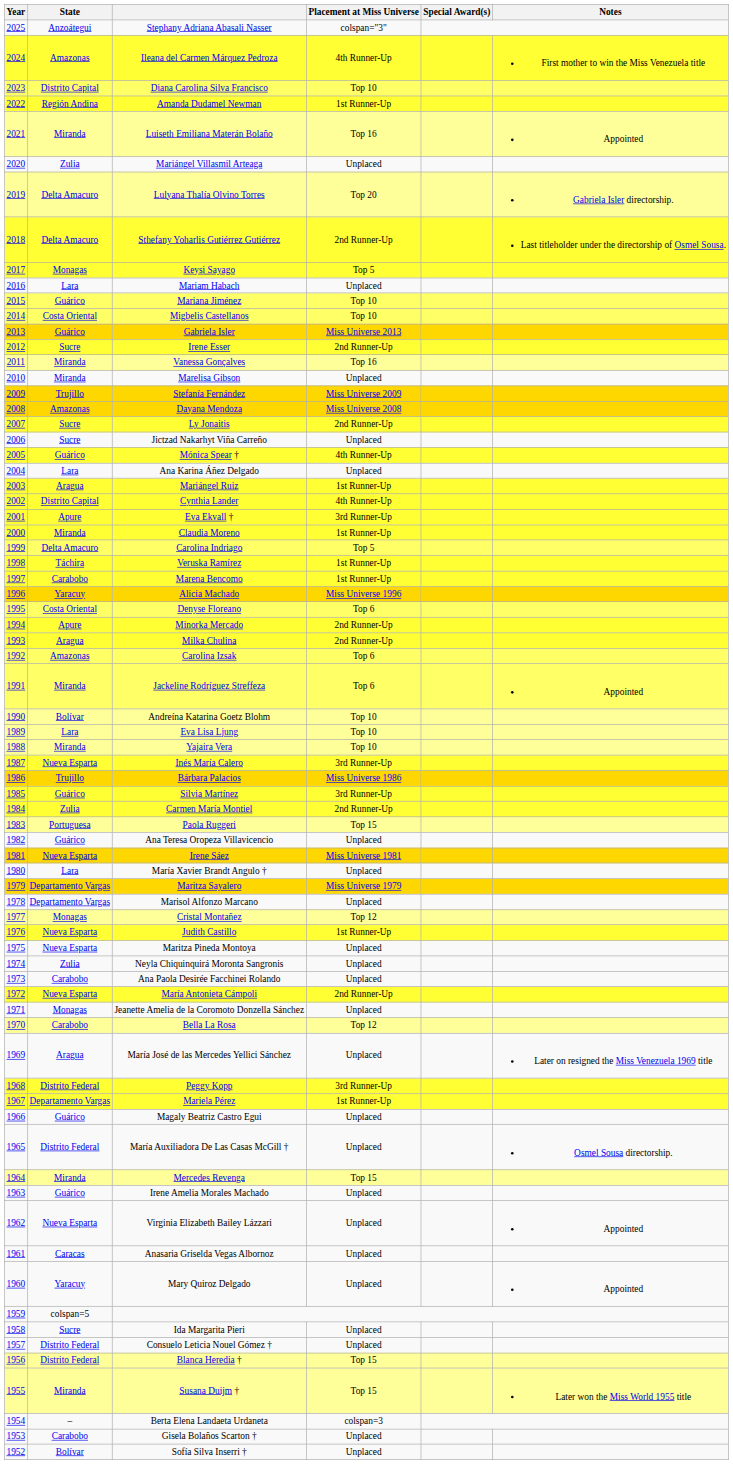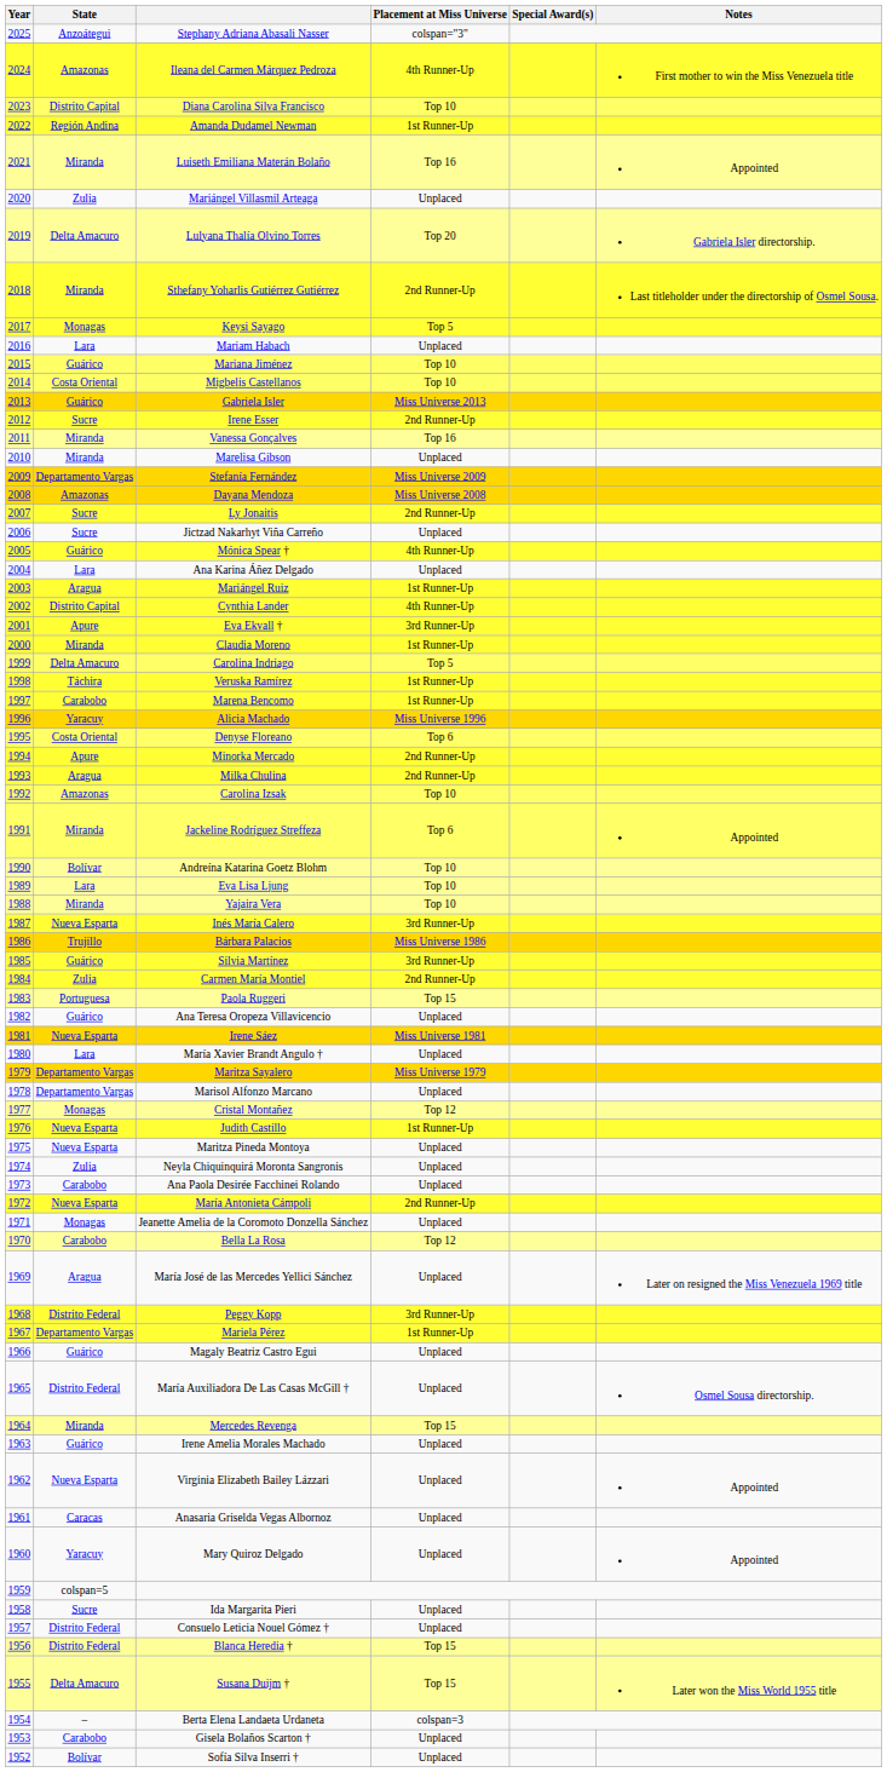 <table class="wikitable " style="font-size: 90%; text-align:center;">
 <tr>
 <th>Year</th>
 <th>State</th>
 <th></th>
 <th>Placement at Miss Universe</th>
 <th>Special Award(s)</th>
 <th>Notes</th>
 </tr>
 <tr>
 <td><a href='#'>2025</a></td>
 <td><a href='#'>Anzoátegui</a></td>
 <td><a href='#'>Stephany Adriana Abasali Nasser</a></td>
 <td>colspan="3" </td>
 </tr>
 <tr style="background-color:#FFFF33;">
 <td><a href='#'>2024</a></td>
 <td><a href='#'>Amazonas</a></td>
 <td><a href='#'>Ileana del Carmen Márquez Pedroza</a></td>
 <td>4th Runner-Up</td>
 <td></td>
 <td><br><ul><li>First mother to win the Miss Venezuela title</li></ul></td>
 </tr>
 <tr style="background-color:#FFFF66;">
 <td><a href='#'>2023</a></td>
 <td><a href='#'>Distrito Capital</a></td>
 <td><a href='#'>Diana Carolina Silva Francisco</a></td>
 <td>Top 10</td>
 <td></td>
 <td></td>
 </tr>
 <tr style="background-color:#FFFF33;">
 <td><a href='#'>2022</a></td>
 <td><a href='#'>Región Andina</a></td>
 <td><a href='#'>Amanda Dudamel Newman</a></td>
 <td>1st Runner-Up</td>
 <td></td>
 <td></td>
 </tr>
 <tr style="background-color:#FFFF99;">
 <td><a href='#'>2021</a></td>
 <td><a href='#'>Miranda</a></td>
 <td><a href='#'>Luiseth Emiliana Materán Bolaño</a></td>
 <td>Top 16</td>
 <td></td>
 <td><br><ul><li>Appointed</li></ul></td>
 </tr>
 <tr>
 <td><a href='#'>2020</a></td>
 <td><a href='#'>Zulia</a></td>
 <td><a href='#'>Mariángel Villasmil Arteaga</a></td>
 <td>Unplaced</td>
 <td></td>
 <td></td>
 </tr>
 <tr style="background-color:#FFFF99;">
 <td><a href='#'>2019</a></td>
 <td><a href='#'>Delta Amacuro</a></td>
 <td><a href='#'>Lulyana Thalía Olvino Torres</a></td>
 <td>Top 20</td>
 <td></td>
 <td><br><ul><li><a href='#'>Gabriela Isler</a> directorship.</li></ul></td>
 </tr>
 <tr style="background-color:#FFFF33;">
 <td><a href='#'>2018</a></td>
-<td><a href='#'>Delta Amacuro</a></td>
+<td><a href='#'>Miranda</a></td>
 <td><a href='#'>Sthefany Yoharlis Gutiérrez Gutiérrez</a></td>
 <td>2nd Runner-Up</td>
 <td></td>
 <td><br><ul><li>Last titleholder under the directorship of <a href='#'>Osmel Sousa</a>.</li></ul></td>
 </tr>
 <tr style="background-color:#FFFF33;">
 <td><a href='#'>2017</a></td>
 <td><a href='#'>Monagas</a></td>
 <td><a href='#'>Keysi Sayago</a></td>
 <td>Top 5</td>
 <td></td>
 <td></td>
 </tr>
 <tr>
 <td><a href='#'>2016</a></td>
 <td><a href='#'>Lara</a></td>
 <td><a href='#'>Mariam Habach</a></td>
 <td>Unplaced</td>
 <td style="background:;"></td>
 <td></td>
 </tr>
 <tr style="background-color:#FFFF66;">
 <td><a href='#'>2015</a></td>
 <td><a href='#'>Guárico</a></td>
 <td><a href='#'>Mariana Jiménez</a></td>
 <td>Top 10</td>
 <td></td>
 <td></td>
 </tr>
 <tr style="background-color:#FFFF66;">
 <td><a href='#'>2014</a></td>
 <td><a href='#'>Costa Oriental</a></td>
 <td><a href='#'>Migbelis Castellanos</a></td>
 <td>Top 10</td>
 <td></td>
 <td></td>
 </tr>
 <tr style="background-color:gold;">
 <td><a href='#'>2013</a></td>
 <td><a href='#'>Guárico</a></td>
 <td><a href='#'>Gabriela Isler</a></td>
 <td><a href='#'>Miss Universe 2013</a></td>
 <td></td>
 <td></td>
 </tr>
 <tr style="background-color:#FFFF33;">
 <td><a href='#'>2012</a></td>
 <td><a href='#'>Sucre</a></td>
 <td><a href='#'>Irene Esser</a></td>
 <td>2nd Runner-Up</td>
 <td></td>
 <td></td>
 </tr>
 <tr style="background-color:#FFFF99;">
 <td><a href='#'>2011</a></td>
 <td><a href='#'>Miranda</a></td>
 <td><a href='#'>Vanessa Gonçalves</a></td>
 <td>Top 16</td>
 <td style="background:;"></td>
 <td></td>
 </tr>
 <tr>
 <td><a href='#'>2010</a></td>
 <td><a href='#'>Miranda</a></td>
 <td><a href='#'>Marelisa Gibson</a></td>
 <td>Unplaced</td>
 <td></td>
 <td></td>
 </tr>
 <tr style="background-color:gold; ">
 <td><a href='#'>2009</a></td>
-<td><a href='#'>Trujillo</a></td>
+<td><a href='#'>Departamento Vargas</a></td>
 <td><a href='#'>Stefanía Fernández</a></td>
 <td><a href='#'>Miss Universe 2009</a></td>
 <td></td>
 <td></td>
 </tr>
 <tr style="background-color:gold; ">
 <td><a href='#'>2008</a></td>
 <td><a href='#'>Amazonas</a></td>
 <td><a href='#'>Dayana Mendoza</a></td>
 <td><a href='#'>Miss Universe 2008</a></td>
 <td style="background:;"></td>
 <td></td>
 </tr>
 <tr style="background-color:#FFFF33;">
 <td><a href='#'>2007</a></td>
 <td><a href='#'>Sucre</a></td>
 <td><a href='#'>Ly Jonaitis</a></td>
 <td>2nd Runner-Up</td>
 <td></td>
 <td></td>
 </tr>
 <tr>
 <td><a href='#'>2006</a></td>
 <td><a href='#'>Sucre</a></td>
 <td>Jictzad Nakarhyt Viña Carreño</td>
 <td>Unplaced</td>
 <td></td>
 <td></td>
 </tr>
 <tr style="background-color:#FFFF33;">
 <td><a href='#'>2005</a></td>
 <td><a href='#'>Guárico</a></td>
 <td><a href='#'>Mónica Spear</a> †</td>
 <td>4th Runner-Up</td>
 <td></td>
 <td></td>
 </tr>
 <tr>
 <td><a href='#'>2004</a></td>
 <td><a href='#'>Lara</a></td>
 <td>Ana Karina Áñez Delgado</td>
 <td>Unplaced</td>
 <td style="background:;"></td>
 </tr>
 <tr style="background-color:#FFFF33;">
 <td><a href='#'>2003</a></td>
 <td><a href='#'>Aragua</a></td>
 <td><a href='#'>Mariángel Ruiz</a></td>
 <td>1st Runner-Up</td>
 <td></td>
 <td></td>
 </tr>
 <tr style="background-color:#FFFF33;">
 <td><a href='#'>2002</a></td>
 <td><a href='#'>Distrito Capital</a></td>
 <td><a href='#'>Cynthia Lander</a></td>
 <td>4th Runner-Up</td>
 <td></td>
 <td></td>
 </tr>
 <tr style="background-color:#FFFF33;">
 <td><a href='#'>2001</a></td>
 <td><a href='#'>Apure</a></td>
 <td><a href='#'>Eva Ekvall</a> †</td>
 <td>3rd Runner-Up</td>
 <td></td>
 <td></td>
 </tr>
 <tr style="background-color:#FFFF33;">
 <td><a href='#'>2000</a></td>
 <td><a href='#'>Miranda</a></td>
 <td><a href='#'>Claudia Moreno</a></td>
 <td>1st Runner-Up</td>
 <td></td>
 <td style="background:;"></td>
 </tr>
 <tr style="background-color:#FFFF66;">
 <td><a href='#'>1999</a></td>
 <td><a href='#'>Delta Amacuro</a></td>
 <td><a href='#'>Carolina Indriago</a></td>
 <td>Top 5 </td>
 <td style="background:;"></td>
 <td></td>
 </tr>
 <tr style="background-color:#FFFF33;">
 <td><a href='#'>1998</a></td>
 <td><a href='#'>Táchira</a></td>
 <td><a href='#'>Veruska Ramírez</a></td>
 <td>1st Runner-Up</td>
 <td style="background:;"></td>
 <td></td>
 </tr>
 <tr style="background-color:#FFFF33;">
 <td><a href='#'>1997</a></td>
 <td><a href='#'>Carabobo</a></td>
 <td><a href='#'>Marena Bencomo</a></td>
 <td>1st Runner-Up</td>
 <td style="background:;"></td>
 <td></td>
 </tr>
 <tr style="background-color:gold; ">
 <td><a href='#'>1996</a></td>
 <td><a href='#'>Yaracuy</a></td>
 <td><a href='#'>Alicia Machado</a></td>
 <td><a href='#'>Miss Universe 1996</a></td>
 <td style="background:;"></td>
 <td></td>
 </tr>
 <tr style="background-color:#FFFF66; ">
 <td><a href='#'>1995</a></td>
 <td><a href='#'>Costa Oriental</a></td>
 <td><a href='#'>Denyse Floreano</a></td>
 <td>Top 6 </td>
 <td></td>
 <td></td>
 </tr>
 <tr style="background-color:#FFFF33; ">
 <td><a href='#'>1994</a></td>
 <td><a href='#'>Apure</a></td>
 <td><a href='#'>Minorka Mercado</a></td>
 <td>2nd Runner-Up</td>
 <td style="background:;"></td>
 <td></td>
 </tr>
 <tr style="background-color:#FFFF33; ">
 <td><a href='#'>1993</a></td>
 <td><a href='#'>Aragua</a></td>
 <td><a href='#'>Milka Chulina</a></td>
 <td>2nd Runner-Up</td>
 <td style="background:;"></td>
 <td></td>
 </tr>
 <tr style="background-color:#FFFF66; ">
 <td><a href='#'>1992</a></td>
 <td><a href='#'>Amazonas</a></td>
 <td><a href='#'>Carolina Izsak</a></td>
-<td>Top 6 </td>
+<td>Top 10</td>
 <td></td>
 <td></td>
 </tr>
 <tr style="background-color:#FFFF66; ">
 <td><a href='#'>1991</a></td>
 <td><a href='#'>Miranda</a></td>
 <td><a href='#'>Jackeline Rodríguez Streffeza</a></td>
 <td>Top 6</td>
 <td></td>
 <td><br><ul><li>Appointed</li></ul></td>
 </tr>
 <tr style="background-color:#FFFF99; ">
 <td><a href='#'>1990</a></td>
 <td><a href='#'>Bolívar</a></td>
 <td>Andreína Katarina Goetz Blohm</td>
 <td>Top 10</td>
 <td></td>
 <td></td>
 </tr>
 <tr style="background-color:#FFFF99; ">
 <td><a href='#'>1989</a></td>
 <td><a href='#'>Lara</a></td>
 <td><a href='#'>Eva Lisa Ljung</a></td>
 <td>Top 10</td>
 <td></td>
 <td></td>
 </tr>
 <tr style="background-color:#FFFF99; ">
 <td><a href='#'>1988</a></td>
 <td><a href='#'>Miranda</a></td>
 <td><a href='#'>Yajaira Vera</a></td>
 <td>Top 10</td>
 <td></td>
 <td></td>
 </tr>
 <tr style="background-color:#FFFF33; ">
 <td><a href='#'>1987</a></td>
 <td><a href='#'>Nueva Esparta</a></td>
 <td><a href='#'>Inés María Calero</a></td>
 <td>3rd Runner-Up</td>
 <td></td>
 <td></td>
 </tr>
 <tr style="background-color:gold; ">
 <td><a href='#'>1986</a></td>
 <td><a href='#'>Trujillo</a></td>
 <td><a href='#'>Bárbara Palacios</a></td>
 <td><a href='#'>Miss Universe 1986</a></td>
 <td></td>
 <td></td>
 </tr>
 <tr style="background-color:#FFFF33; ">
 <td><a href='#'>1985</a></td>
 <td><a href='#'>Guárico</a></td>
 <td><a href='#'>Silvia Martínez</a></td>
 <td>3rd Runner-Up</td>
 <td></td>
 <td></td>
 </tr>
 <tr style="background-color:#FFFF33; ">
 <td><a href='#'>1984</a></td>
 <td><a href='#'>Zulia</a></td>
 <td><a href='#'>Carmen María Montiel</a></td>
 <td>2nd Runner-Up</td>
 <td></td>
 <td></td>
 </tr>
 <tr style="background-color:#FFFF99; ">
 <td><a href='#'>1983</a></td>
 <td><a href='#'>Portuguesa</a></td>
 <td><a href='#'>Paola Ruggeri</a></td>
 <td>Top 15</td>
 <td></td>
 <td></td>
 </tr>
 <tr>
 <td><a href='#'>1982</a></td>
 <td><a href='#'>Guárico</a></td>
 <td>Ana Teresa Oropeza Villavicencio</td>
 <td>Unplaced</td>
 <td></td>
 <td></td>
 </tr>
 <tr style="background-color:gold; ">
 <td><a href='#'>1981</a></td>
 <td><a href='#'>Nueva Esparta</a></td>
 <td><a href='#'>Irene Sáez</a></td>
 <td><a href='#'>Miss Universe 1981</a></td>
 <td style="background:;"></td>
 <td></td>
 </tr>
 <tr>
 <td><a href='#'>1980</a></td>
 <td><a href='#'>Lara</a></td>
 <td>María Xavier Brandt Angulo †</td>
 <td>Unplaced</td>
 <td></td>
 <td></td>
 </tr>
 <tr style="background-color:gold; ">
 <td><a href='#'>1979</a></td>
 <td><a href='#'>Departamento Vargas</a></td>
 <td><a href='#'>Maritza Sayalero</a></td>
 <td><a href='#'>Miss Universe 1979</a></td>
 <td></td>
 <td></td>
 </tr>
 <tr>
 <td><a href='#'>1978</a></td>
 <td><a href='#'>Departamento Vargas</a></td>
 <td>Marisol Alfonzo Marcano</td>
 <td>Unplaced</td>
 <td></td>
 <td></td>
 </tr>
 <tr style="background-color:#FFFF99; ">
 <td><a href='#'>1977</a></td>
 <td><a href='#'>Monagas</a></td>
 <td><a href='#'>Cristal Montañez</a></td>
 <td>Top 12</td>
 <td style="background:;"></td>
 <td></td>
 </tr>
 <tr style="background-color:#FFFF33; ">
 <td><a href='#'>1976</a></td>
 <td><a href='#'>Nueva Esparta</a></td>
 <td><a href='#'>Judith Castillo</a></td>
 <td>1st Runner-Up</td>
 <td style="background:;"></td>
 <td></td>
 </tr>
 <tr>
 <td><a href='#'>1975</a></td>
 <td><a href='#'>Nueva Esparta</a></td>
 <td>Maritza Pineda Montoya</td>
 <td>Unplaced</td>
 <td></td>
 <td></td>
 </tr>
 <tr>
 <td><a href='#'>1974</a></td>
 <td><a href='#'>Zulia</a></td>
 <td>Neyla Chiquinquirá Moronta Sangronis</td>
 <td>Unplaced</td>
 <td></td>
 <td></td>
 </tr>
 <tr>
 <td><a href='#'>1973</a></td>
 <td><a href='#'>Carabobo</a></td>
 <td>Ana Paola Desirée Facchinei Rolando</td>
 <td>Unplaced</td>
 <td></td>
 <td></td>
 </tr>
 <tr style="background-color:#FFFF33; ">
 <td><a href='#'>1972</a></td>
 <td><a href='#'>Nueva Esparta</a></td>
 <td><a href='#'>María Antonieta Cámpoli</a></td>
 <td>2nd Runner-Up</td>
 <td></td>
 <td></td>
 </tr>
 <tr>
 <td><a href='#'>1971</a></td>
 <td><a href='#'>Monagas</a></td>
 <td>Jeanette Amelia de la Coromoto Donzella Sánchez</td>
 <td>Unplaced</td>
 <td></td>
 <td></td>
 </tr>
 <tr style="background-color:#FFFF99; ">
 <td><a href='#'>1970</a></td>
 <td><a href='#'>Carabobo</a></td>
 <td><a href='#'>Bella La Rosa</a></td>
 <td>Top 12</td>
 <td></td>
 <td></td>
 </tr>
 <tr>
 <td><a href='#'>1969</a></td>
 <td><a href='#'>Aragua</a></td>
 <td>María José de las Mercedes Yellici Sánchez</td>
 <td>Unplaced</td>
 <td></td>
 <td><br><ul><li>Later on resigned the <a href='#'>Miss Venezuela 1969</a> title</li></ul></td>
 </tr>
 <tr style="background-color:#FFFF33; ">
 <td><a href='#'>1968</a></td>
 <td><a href='#'>Distrito Federal</a></td>
 <td><a href='#'>Peggy Kopp</a></td>
 <td>3rd Runner-Up</td>
 <td></td>
 <td></td>
 </tr>
 <tr style="background-color:#FFFF33; ">
 <td><a href='#'>1967</a></td>
 <td><a href='#'>Departamento Vargas</a></td>
 <td><a href='#'>Mariela Pérez</a></td>
 <td>1st Runner-Up</td>
 <td></td>
 <td></td>
 </tr>
 <tr>
 <td><a href='#'>1966</a></td>
 <td><a href='#'>Guárico</a></td>
 <td>Magaly Beatriz Castro Egui</td>
 <td>Unplaced</td>
 <td></td>
 <td></td>
 </tr>
 <tr>
 <td><a href='#'>1965</a></td>
 <td><a href='#'>Distrito Federal</a></td>
 <td>María Auxiliadora De Las Casas McGill †</td>
 <td>Unplaced</td>
 <td></td>
 <td><br><ul><li><a href='#'>Osmel Sousa</a> directorship.</li></ul></td>
 </tr>
 <tr style="background-color:#FFFF99; ">
 <td><a href='#'>1964</a></td>
 <td><a href='#'>Miranda</a></td>
 <td><a href='#'>Mercedes Revenga</a></td>
 <td>Top 15</td>
 <td></td>
 <td></td>
 </tr>
 <tr>
 <td><a href='#'>1963</a></td>
 <td><a href='#'>Guárico</a></td>
 <td>Irene Amelia Morales Machado</td>
 <td>Unplaced</td>
 <td></td>
 <td></td>
 </tr>
 <tr>
 <td><a href='#'>1962</a></td>
 <td><a href='#'>Nueva Esparta</a></td>
 <td>Virginia Elizabeth Bailey Lázzari</td>
 <td>Unplaced</td>
 <td></td>
 <td><br><ul><li>Appointed</li></ul></td>
 </tr>
 <tr>
 <td><a href='#'>1961</a></td>
 <td><a href='#'>Caracas</a></td>
 <td>Anasaria Griselda Vegas Albornoz</td>
 <td>Unplaced</td>
 <td></td>
 <td></td>
 </tr>
 <tr>
 <td><a href='#'>1960</a></td>
 <td><a href='#'>Yaracuy</a></td>
 <td>Mary Quiroz Delgado</td>
 <td>Unplaced</td>
 <td></td>
 <td><br><ul><li>Appointed</li></ul></td>
 </tr>
 <tr>
 <td><a href='#'>1959</a></td>
 <td>colspan=5 </td>
 </tr>
 <tr>
 <td><a href='#'>1958</a></td>
 <td><a href='#'>Sucre</a></td>
 <td>Ida Margarita Pieri</td>
 <td>Unplaced</td>
 <td></td>
 <td></td>
 </tr>
 <tr>
 <td><a href='#'>1957</a></td>
 <td><a href='#'>Distrito Federal</a></td>
 <td>Consuelo Leticia Nouel Gómez †</td>
 <td>Unplaced</td>
 <td></td>
 <td></td>
 </tr>
 <tr style="background-color:#FFFF99; ">
 <td><a href='#'>1956</a></td>
 <td><a href='#'>Distrito Federal</a></td>
 <td><a href='#'>Blanca Heredia</a> †</td>
 <td>Top 15</td>
 <td></td>
 <td></td>
 </tr>
 <tr style="background-color:#FFFF99; ">
 <td><a href='#'>1955</a></td>
-<td><a href='#'>Miranda</a></td>
+<td><a href='#'>Delta Amacuro</a></td>
 <td><a href='#'>Susana Duijm</a> †</td>
 <td>Top 15</td>
 <td></td>
 <td><br><ul><li>Later won the <a href='#'>Miss World 1955</a> title</li></ul></td>
 </tr>
 <tr>
 <td><a href='#'>1954</a></td>
 <td>–</td>
 <td>Berta Elena Landaeta Urdaneta</td>
 <td>colspan=3 </td>
 </tr>
 <tr>
 <td><a href='#'>1953</a></td>
 <td><a href='#'>Carabobo</a></td>
 <td>Gisela Bolaños Scarton †</td>
 <td>Unplaced</td>
 <td></td>
 <td></td>
 </tr>
 <tr>
 <td><a href='#'>1952</a></td>
 <td><a href='#'>Bolívar</a></td>
 <td>Sofía Silva Inserri †</td>
 <td>Unplaced</td>
 <td></td>
 <td></td>
 </tr>
 </table>
